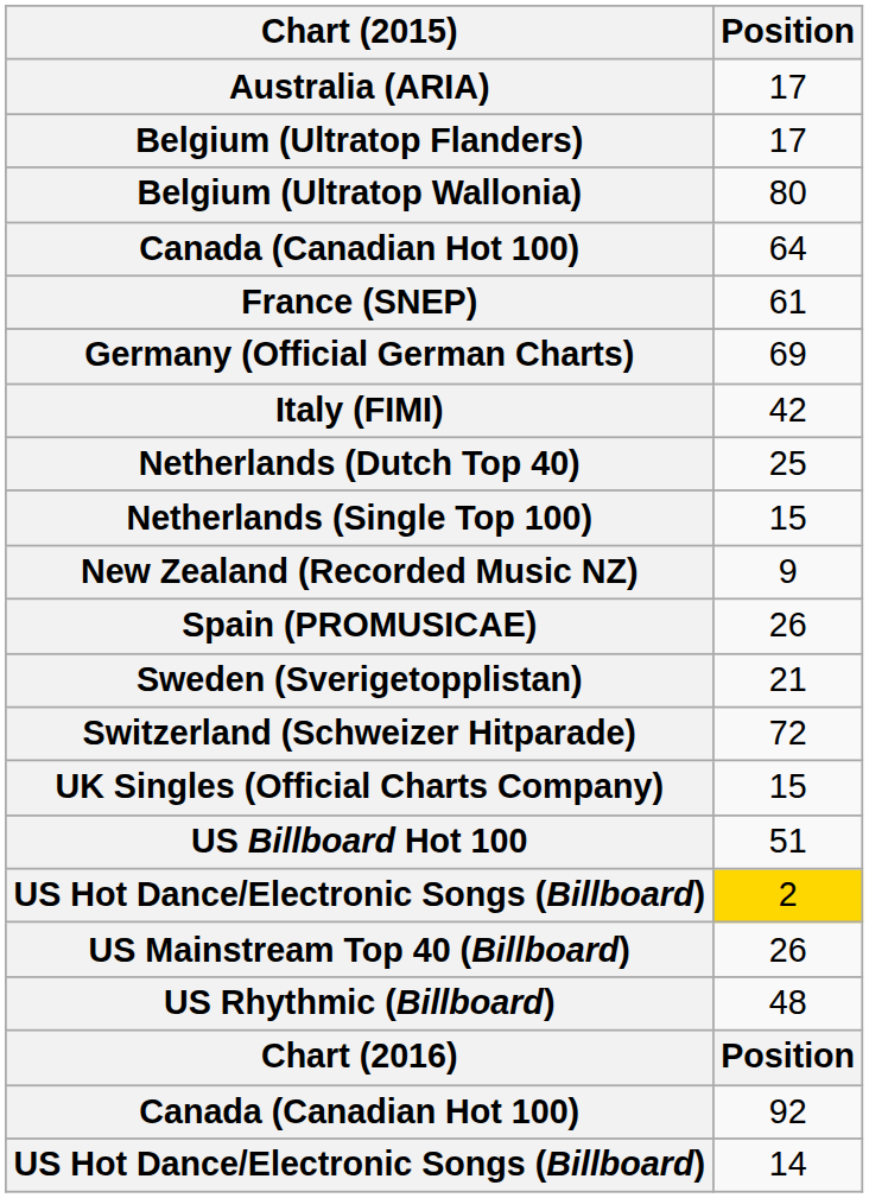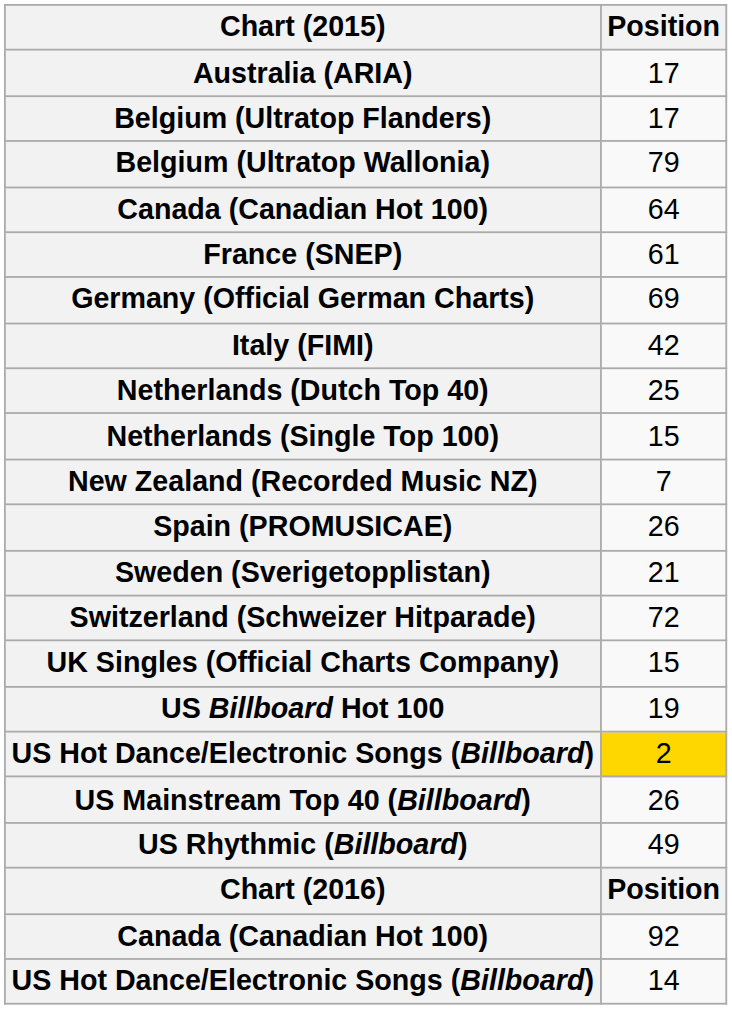 <table class="wikitable plainrowheaders sortable" style="text-align:center">
 <tr>
 <th scope="col">Chart (2015)</th>
 <th scope="col">Position</th>
 </tr>
 <tr>
 <th scope="row">Australia (ARIA)</th>
 <td>17</td>
 </tr>
 <tr>
 <th scope="row">Belgium (Ultratop Flanders)</th>
 <td>17</td>
 </tr>
 <tr>
 <th scope="row">Belgium (Ultratop Wallonia)</th>
-<td>80</td>
+<td>79</td>
 </tr>
 <tr>
 <th scope="row">Canada (Canadian Hot 100)</th>
 <td>64</td>
 </tr>
 <tr>
 <th scope="row">France (SNEP)</th>
 <td>61</td>
 </tr>
 <tr>
 <th scope="row">Germany (Official German Charts)</th>
 <td>69</td>
 </tr>
 <tr>
 <th scope="row">Italy (FIMI)</th>
 <td>42</td>
 </tr>
 <tr>
 <th scope="row">Netherlands (Dutch Top 40)</th>
 <td>25</td>
 </tr>
 <tr>
 <th scope="row">Netherlands (Single Top 100)</th>
 <td>15</td>
 </tr>
 <tr>
 <th scope="row">New Zealand (Recorded Music NZ)</th>
-<td>9</td>
+<td>7</td>
 </tr>
 <tr>
 <th scope="row">Spain (PROMUSICAE)</th>
 <td>26</td>
 </tr>
 <tr>
 <th scope="row">Sweden (Sverigetopplistan)</th>
 <td>21</td>
 </tr>
 <tr>
 <th scope="row">Switzerland (Schweizer Hitparade)</th>
 <td>72</td>
 </tr>
 <tr>
 <th scope="row">UK Singles (Official Charts Company)</th>
 <td>15</td>
 </tr>
 <tr>
 <th scope="row">US <em>Billboard</em> Hot 100</th>
-<td>51</td>
+<td>19</td>
 </tr>
 <tr>
 <th scope="row">US Hot Dance/Electronic Songs (<em>Billboard</em>)</th>
 <td style="background: gold;">2</td>
 </tr>
 <tr>
 <th scope="row">US Mainstream Top 40 (<em>Billboard</em>)</th>
 <td>26</td>
 </tr>
 <tr>
 <th scope="row">US Rhythmic (<em>Billboard</em>)</th>
-<td>48</td>
+<td>49</td>
 </tr>
 <tr>
 <th scope="col">Chart (2016)</th>
 <th scope="col">Position</th>
 </tr>
 <tr>
 <th scope="row">Canada (Canadian Hot 100)</th>
 <td>92</td>
 </tr>
 <tr>
 <th scope="row">US Hot Dance/Electronic Songs (<em>Billboard</em>)</th>
 <td>14</td>
 </tr>
 </table>
